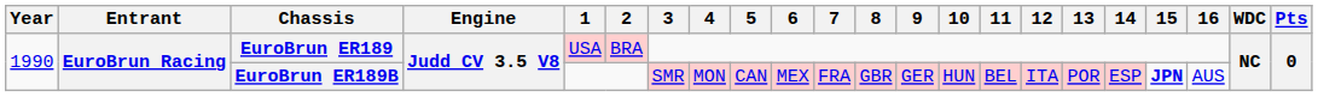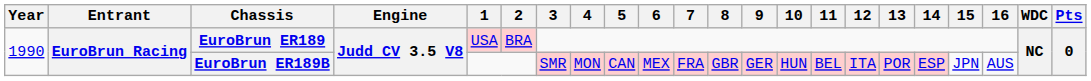 <table class="wikitable" style="text-align:center; font-size:85%">
 <tr>
 <th>Year</th>
 <th>Entrant</th>
 <th>Chassis</th>
 <th>Engine</th>
 <th>1</th>
 <th>2</th>
 <th>3</th>
 <th>4</th>
 <th>5</th>
 <th>6</th>
 <th>7</th>
 <th>8</th>
 <th>9</th>
 <th>10</th>
 <th>11</th>
 <th>12</th>
 <th>13</th>
 <th>14</th>
 <th>15</th>
 <th>16</th>
 <th>WDC</th>
 <th><a href='#'>Pts</a></th>
 </tr>
 <tr>
 <td rowspan=2><a href='#'>1990</a></td>
 <th rowspan=2 nowrap><a href='#'>EuroBrun Racing</a></th>
 <th nowrap><a href='#'>EuroBrun</a> <a href='#'>ER189</a></th>
 <th rowspan=2 nowrap><a href='#'>Judd CV</a> 3.5 <a href='#'>V8</a></th>
 <td style="background:#FFCFCF;"><a href='#'>USA</a><br></td>
 <td style="background:#FFCFCF;"><a href='#'>BRA</a><br></td>
 <td colspan=14></td>
 <th rowspan=2>NC</th>
 <th rowspan=2>0</th>
 </tr>
 <tr>
 <th nowrap><a href='#'>EuroBrun</a> <a href='#'>ER189B</a></th>
 <td colspan=2></td>
 <td style="background:#FFCFCF;"><a href='#'>SMR</a><br></td>
 <td style="background:#FFCFCF;"><a href='#'>MON</a><br></td>
 <td style="background:#FFCFCF;"><a href='#'>CAN</a><br></td>
 <td style="background:#FFCFCF;"><a href='#'>MEX</a><br></td>
 <td style="background:#FFCFCF;"><a href='#'>FRA</a><br></td>
 <td style="background:#FFCFCF;"><a href='#'>GBR</a><br></td>
 <td style="background:#FFCFCF;"><a href='#'>GER</a><br></td>
 <td style="background:#FFCFCF;"><a href='#'>HUN</a><br></td>
 <td style="background:#FFCFCF;"><a href='#'>BEL</a><br></td>
 <td style="background:#FFCFCF;"><a href='#'>ITA</a><br></td>
 <td style="background:#FFCFCF;"><a href='#'>POR</a><br></td>
 <td style="background:#FFCFCF;"><a href='#'>ESP</a><br></td>
-<td><strong><a href='#'>JPN</a></strong></td>
+<td><a href='#'>JPN</a></td>
 <td><a href='#'>AUS</a></td>
 </tr>
 </table>
